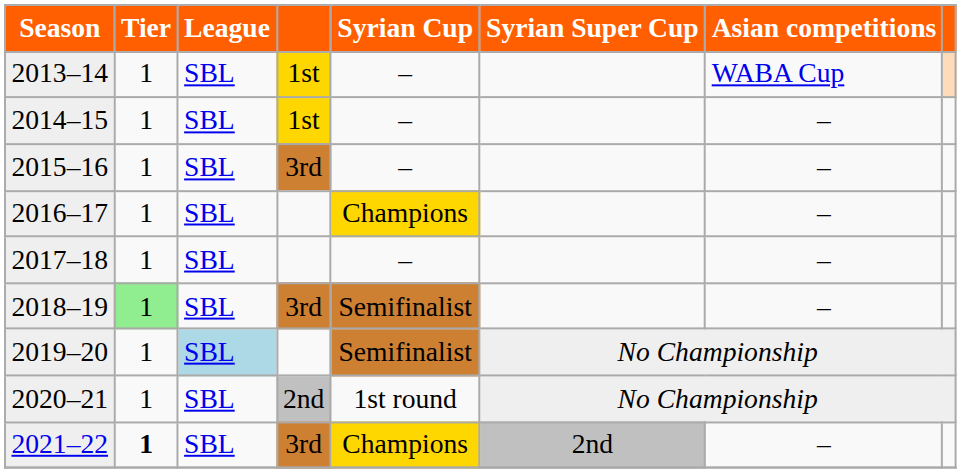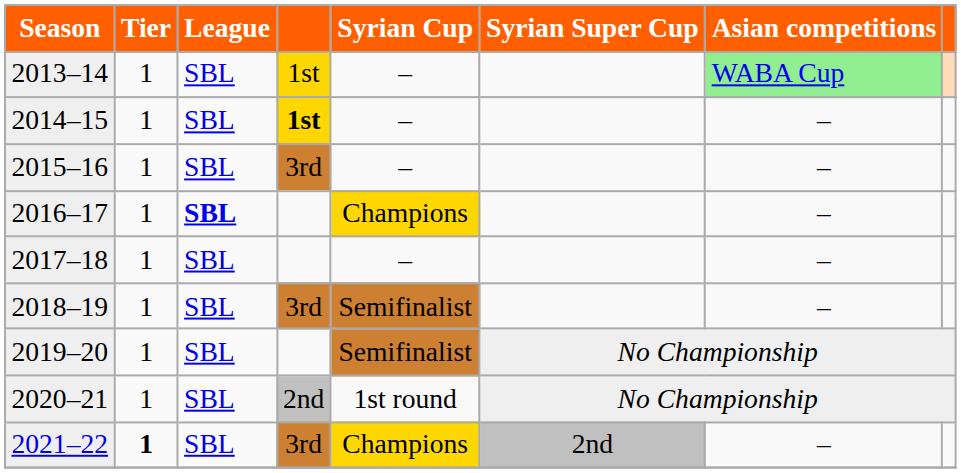 <table class="wikitable"  style="font-size:88%;">
 <tr>
 <th style="color:white; background:#FF5F00;">Season</th>
 <th style="color:white; background:#FF5F00;">Tier</th>
 <th style="color:white; background:#FF5F00;">League</th>
 <th style="color:white; background:#FF5F00;"></th>
 <th style="color:white; background:#FF5F00;">Syrian Cup</th>
 <th style="color:white; background:#FF5F00;">Syrian Super Cup</th>
 <th style="color:white; background:#FF5F00;">Asian competitions</th>
 <th style="color:white; background:#FF5F00;"></th>
 </tr>
 <tr>
 <td style="background:#efefef;">2013–14</td>
 <td align="center">1</td>
 <td><a href='#'>SBL</a></td>
 <td align="center" bgcolor=gold>1st</td>
 <td style="text-align: center;">–</td>
 <td></td>
-<td><a href='#'>WABA Cup</a></td>
+<td style="background: lightgreen;"><a href='#'>WABA Cup</a></td>
 <td style="text-align: center;" bgcolor="#FEDCBA"></td>
 </tr>
 <tr>
 <td style="background:#efefef;">2014–15</td>
 <td align="center">1</td>
 <td><a href='#'>SBL</a></td>
-<td align="center" bgcolor=gold>1st</td>
+<td align="center" bgcolor=gold><strong>1st</strong></td>
 <td style="text-align: center;">–</td>
 <td></td>
 <td style="text-align: center;">–</td>
 <td></td>
 </tr>
 <tr>
 <td style="background:#efefef;">2015–16</td>
 <td align="center">1</td>
 <td><a href='#'>SBL</a></td>
 <td align="center" bgcolor=#CD7F32>3rd</td>
 <td style="text-align: center;">–</td>
 <td></td>
 <td style="text-align: center;">–</td>
 <td></td>
 </tr>
 <tr>
 <td style="background:#efefef;">2016–17</td>
 <td align="center">1</td>
-<td><a href='#'>SBL</a></td>
+<td><strong><a href='#'>SBL</a></strong></td>
 <td></td>
 <td align="center" bgcolor=gold>Champions</td>
 <td></td>
 <td style="text-align: center;">–</td>
 <td></td>
 </tr>
 <tr>
 <td style="background:#efefef;">2017–18</td>
 <td align="center">1</td>
 <td><a href='#'>SBL</a></td>
 <td></td>
 <td style="text-align: center;">–</td>
 <td></td>
 <td style="text-align: center;">–</td>
 <td></td>
 </tr>
 <tr>
 <td style="background:#efefef;">2018–19</td>
-<td align="center" style="background: lightgreen;">1</td>
+<td align="center">1</td>
 <td><a href='#'>SBL</a></td>
 <td align="center" bgcolor=#CD7F32>3rd</td>
 <td align="center" bgcolor=#CD7F32>Semifinalist</td>
 <td></td>
 <td style="text-align: center;">–</td>
 <td></td>
 </tr>
 <tr>
 <td style="background:#efefef;">2019–20</td>
 <td align="center">1</td>
-<td style="background: lightblue;"><a href='#'>SBL</a></td>
+<td><a href='#'>SBL</a></td>
 <td></td>
 <td align="center" bgcolor=#CD7F32>Semifinalist</td>
 <td bgcolor="#efefef" colspan=8 style="text-align: center;"><em>No Championship</em></td>
 </tr>
 <tr>
 <td style="background:#efefef;">2020–21</td>
 <td align="center">1</td>
 <td><a href='#'>SBL</a></td>
 <td align="center" bgcolor=silver>2nd</td>
 <td align="center">1st round</td>
 <td bgcolor="#efefef" colspan=8 style="text-align: center;"><em>No Championship</em></td>
 </tr>
 <tr>
 <td style="background:#efefef;"><a href='#'>2021–22</a></td>
 <td align="center"><strong>1</strong></td>
 <td><a href='#'>SBL</a></td>
 <td align="center" bgcolor=#CD7F32>3rd</td>
 <td align="center" bgcolor=gold>Champions</td>
 <td align="center" bgcolor=silver>2nd</td>
 <td style="text-align: center;">–</td>
 <td></td>
 </tr>
 <tr>
 </tr>
 </table>
